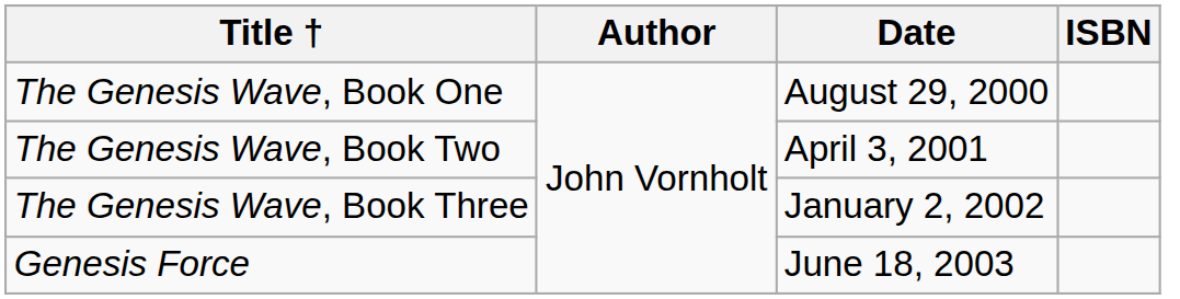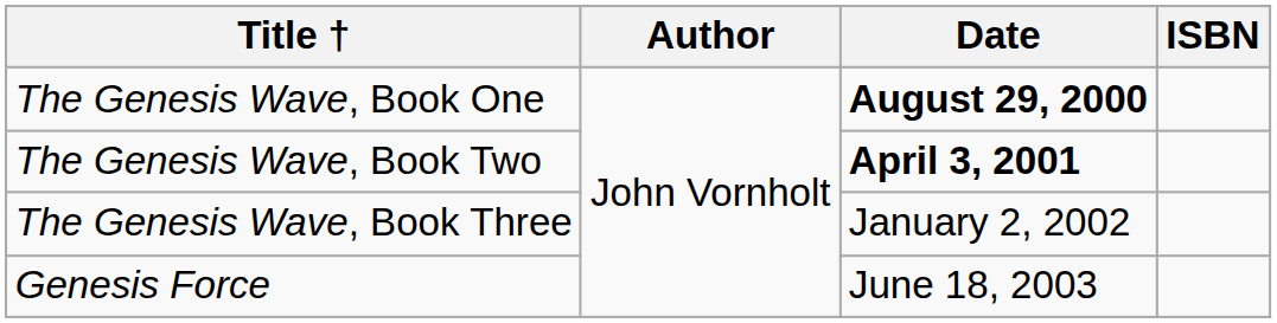 <table class="wikitable">
 <tr>
 <th>Title †</th>
 <th>Author</th>
 <th>Date</th>
 <th>ISBN</th>
 </tr>
 <tr>
 <td><em>The Genesis Wave</em>, Book One</td>
 <td rowspan="4">John Vornholt</td>
-<td>August 29, 2000</td>
+<td><strong>August 29, 2000</strong></td>
 <td></td>
 </tr>
 <tr>
 <td><em>The Genesis Wave</em>, Book Two</td>
-<td>April 3, 2001</td>
+<td><strong>April 3, 2001</strong></td>
 <td></td>
 </tr>
 <tr>
 <td><em>The Genesis Wave</em>, Book Three</td>
 <td>January 2, 2002</td>
 <td></td>
 </tr>
 <tr>
 <td><em>Genesis Force</em></td>
 <td>June 18, 2003</td>
 <td></td>
 </tr>
 </table>
